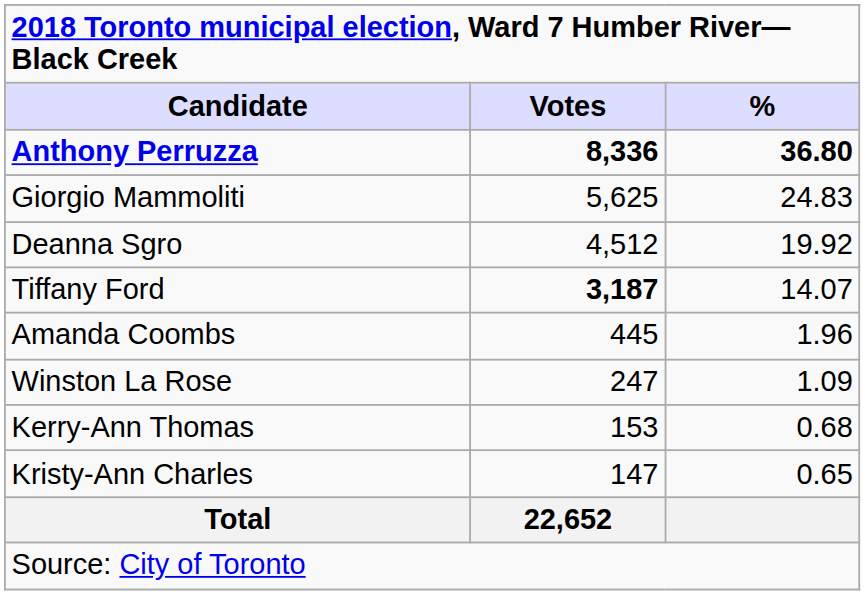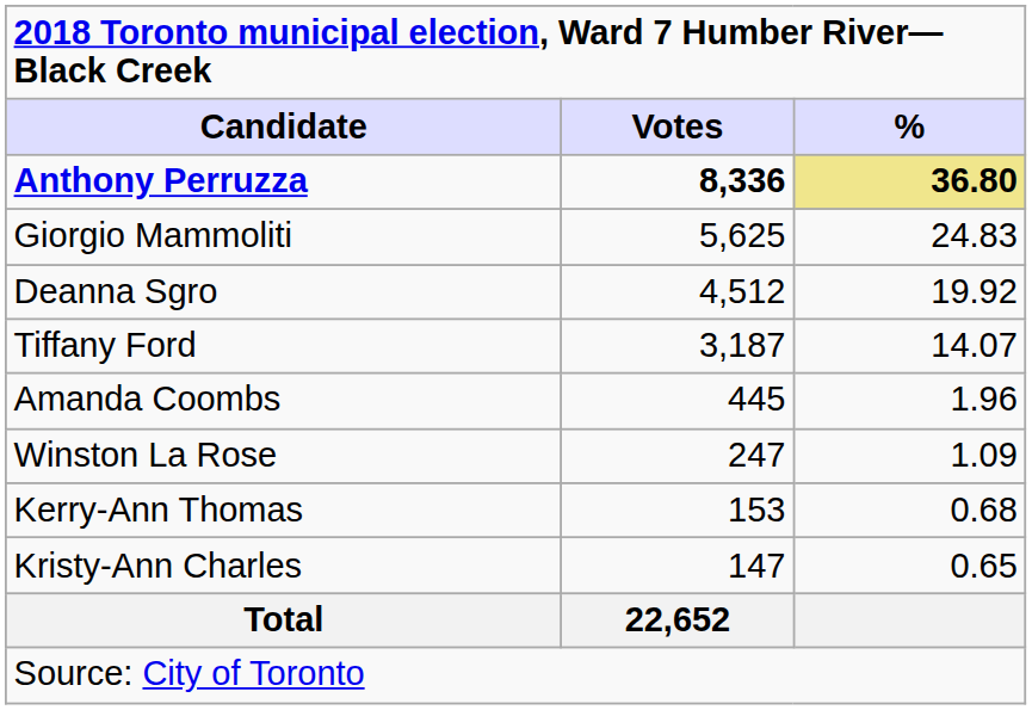 <table class="wikitable">
 <tr>
 <td colspan="3"><strong><a href='#'>2018 Toronto municipal election</a>, Ward 7 Humber River—Black Creek</strong></td>
 </tr>
 <tr>
 <th scope="col" style="background:#ddf; width:250px;">Candidate</th>
 <th scope="col" style="background:#ddf; width:100px;">Votes</th>
 <th scope="col" style="background:#ddf; width:100px;">%</th>
 </tr>
 <tr>
 <td scope="row"><strong><a href='#'>Anthony Perruzza</a></strong></td>
 <td align="right"><strong>8,336</strong></td>
-<td align="right"><strong>36.80</strong></td>
+<td align="right" style="background: khaki;"><strong>36.80</strong></td>
 </tr>
 <tr>
 <td scope="row">Giorgio Mammoliti</td>
 <td align="right">5,625</td>
 <td align="right">24.83</td>
 </tr>
 <tr>
 <td scope="row">Deanna Sgro</td>
 <td align="right">4,512</td>
 <td align="right">19.92</td>
 </tr>
 <tr>
 <td scope="row">Tiffany Ford</td>
-<td align="right"><strong>3,187</strong></td>
+<td align="right">3,187</td>
 <td align="right">14.07</td>
 </tr>
 <tr>
 <td scope="row">Amanda Coombs</td>
 <td align="right">445</td>
 <td align="right">1.96</td>
 </tr>
 <tr>
 <td scope="row">Winston La Rose</td>
 <td align="right">247</td>
 <td align="right">1.09</td>
 </tr>
 <tr>
 <td scope="row">Kerry-Ann Thomas</td>
 <td align="right">153</td>
 <td align="right">0.68</td>
 </tr>
 <tr>
 <td scope="row">Kristy-Ann Charles</td>
 <td align="right">147</td>
 <td align="right">0.65</td>
 </tr>
 <tr>
 <th scope="row"><strong>Total</strong></th>
 <th align="right">22,652</th>
 <th align="right"></th>
 </tr>
 <tr>
 <td colspan="3">Source: <a href='#'>City of Toronto</a></td>
 </tr>
 </table>
